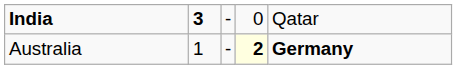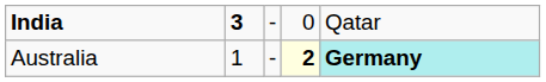 <table class="wikitable">
 <tr>
 <td width=150> <strong>India</strong></td>
 <td style="width:20px; text-align:left;"><strong>3</strong></td>
 <td>-</td>
 <td style="width:20px; text-align:right;">0</td>
 <td width=150> Qatar</td>
 </tr>
 <tr>
 <td> Australia</td>
 <td style="text-align:left;">1</td>
 <td>-</td>
 <td style="background: lightyellow; text-align:right;"><strong>2</strong></td>
-<td> <strong>Germany</strong></td>
+<td style="background: paleturquoise;"> <strong>Germany</strong></td>
 </tr>
 </table>
